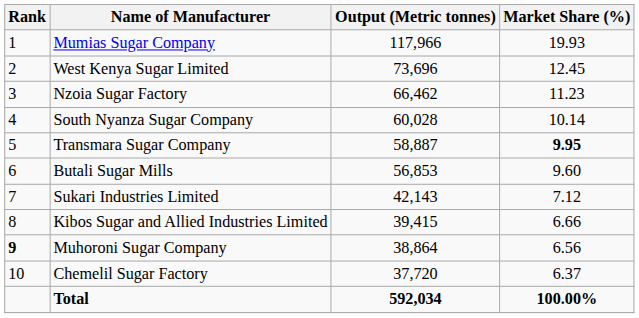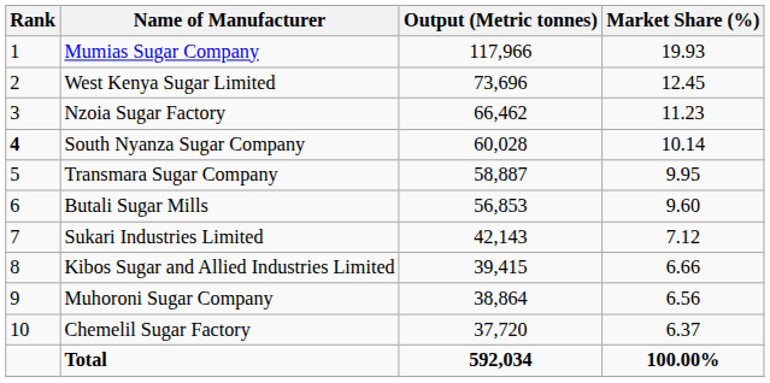 <table class="wikitable sortable" style="margin:0.5em auto">
 <tr>
 <th style="width:2em;">Rank</th>
 <th>Name of Manufacturer</th>
 <th>Output (Metric tonnes)</th>
 <th>Market Share (%)</th>
 </tr>
 <tr>
 <td>1</td>
 <td><a href='#'>Mumias Sugar Company</a></td>
 <td style="text-align:center;">117,966</td>
 <td style="text-align:center;">19.93</td>
 </tr>
 <tr>
 <td>2</td>
 <td>West Kenya Sugar Limited</td>
 <td style="text-align:center;">73,696</td>
 <td style="text-align:center;">12.45</td>
 </tr>
 <tr>
 <td>3</td>
 <td>Nzoia Sugar Factory</td>
 <td style="text-align:center;">66,462</td>
 <td style="text-align:center;">11.23</td>
 </tr>
 <tr>
-<td>4</td>
+<td><strong>4</strong></td>
 <td>South Nyanza Sugar Company</td>
 <td style="text-align:center;">60,028</td>
 <td style="text-align:center;">10.14</td>
 </tr>
 <tr>
 <td>5</td>
 <td>Transmara Sugar Company</td>
 <td style="text-align:center;">58,887</td>
-<td style="text-align:center;"><strong>9.95</strong></td>
+<td style="text-align:center;">9.95</td>
 </tr>
 <tr>
 <td>6</td>
 <td>Butali Sugar Mills</td>
 <td style="text-align:center;">56,853</td>
 <td style="text-align:center;">9.60</td>
 </tr>
 <tr>
 <td>7</td>
 <td>Sukari Industries Limited</td>
 <td style="text-align:center;">42,143</td>
 <td style="text-align:center;">7.12</td>
 </tr>
 <tr>
 <td>8</td>
 <td>Kibos Sugar and Allied Industries Limited</td>
 <td style="text-align:center;">39,415</td>
 <td style="text-align:center;">6.66</td>
 </tr>
 <tr>
-<td><strong>9</strong></td>
+<td>9</td>
 <td>Muhoroni Sugar Company</td>
 <td style="text-align:center;">38,864</td>
 <td style="text-align:center;">6.56</td>
 </tr>
 <tr>
 <td>10</td>
 <td>Chemelil Sugar Factory</td>
 <td style="text-align:center;">37,720</td>
 <td style="text-align:center;">6.37</td>
 </tr>
 <tr>
 <td></td>
 <td><strong>Total</strong></td>
 <td style="text-align:center;"><strong>592,034</strong></td>
 <td style="text-align:center;"><strong>100.00%</strong></td>
 </tr>
 <tr>
 </tr>
 </table>
